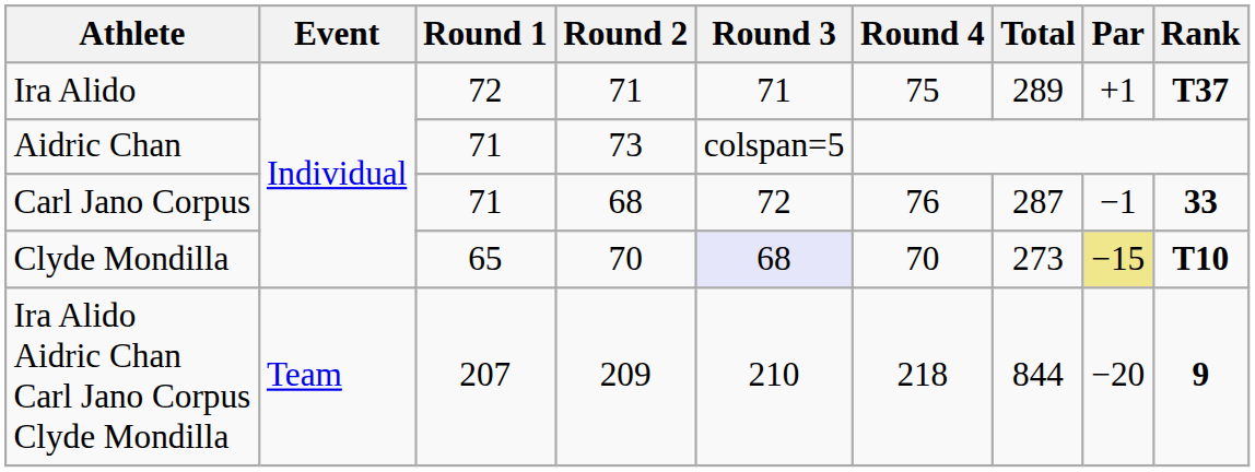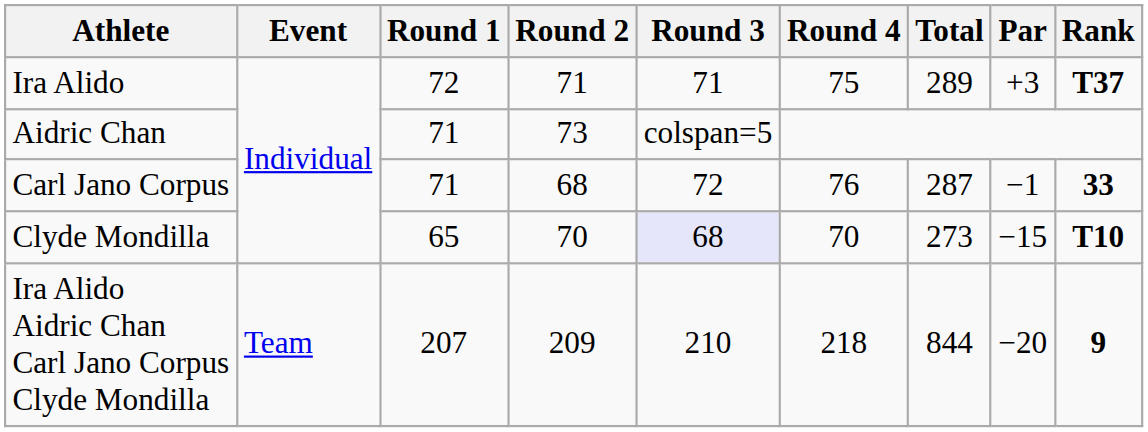 <table class=wikitable style="font-size:90%">
 <tr>
 <th>Athlete</th>
 <th>Event</th>
 <th>Round 1</th>
 <th>Round 2</th>
 <th>Round 3</th>
 <th>Round 4</th>
 <th>Total</th>
 <th>Par</th>
 <th>Rank</th>
 </tr>
 <tr>
 <td>Ira Alido</td>
 <td rowspan=4><a href='#'>Individual</a></td>
 <td align=center>72</td>
 <td align=center>71</td>
 <td align=center>71</td>
 <td align=center>75</td>
 <td align=center>289</td>
-<td align=center>+1</td>
+<td align=center>+3</td>
 <td align=center><strong>T37</strong></td>
 </tr>
 <tr>
 <td>Aidric Chan</td>
 <td align=center>71</td>
 <td align=center>73</td>
 <td>colspan=5 </td>
 </tr>
 <tr>
 <td>Carl Jano Corpus</td>
 <td align=center>71</td>
 <td align=center>68</td>
 <td align=center>72</td>
 <td align=center>76</td>
 <td align=center>287</td>
 <td align=center>−1</td>
 <td align=center><strong>33</strong></td>
 </tr>
 <tr>
 <td>Clyde Mondilla</td>
 <td align=center>65</td>
 <td align=center>70</td>
 <td align=center style="background: lavender;">68</td>
 <td align=center>70</td>
 <td align=center>273</td>
-<td align=center style="background: khaki;">−15</td>
+<td align=center>−15</td>
 <td align=center><strong>T10</strong></td>
 </tr>
 <tr>
 <td>Ira Alido<br>Aidric Chan<br>Carl Jano Corpus<br>Clyde Mondilla</td>
 <td><a href='#'>Team</a></td>
 <td align=center>207</td>
 <td align=center>209</td>
 <td align=center>210</td>
 <td align=center>218</td>
 <td align=center>844</td>
 <td align=center>−20</td>
 <td align=center><strong>9</strong></td>
 </tr>
 </table>
